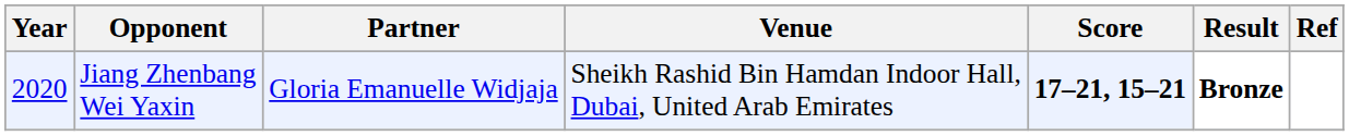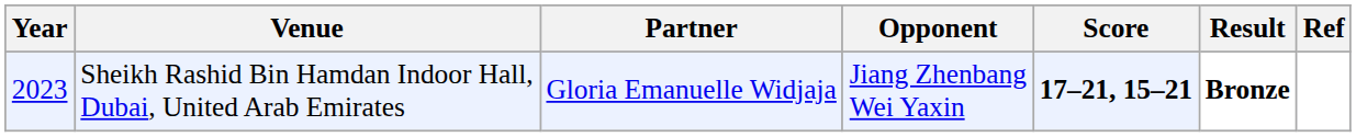 <table class="sortable wikitable" style="font-size: 90%">
 <tr>
 <th>Year</th>
+<th>Venue</th>
+<th>Partner</th>
 <th>Opponent</th>
-<th>Partner</th>
-<th>Venue</th>
 <th>Score</th>
 <th>Result</th>
 <th>Ref</th>
 </tr>
 <tr style="background:#ECF2FF">
-<td align="center"><a href='#'>2020</a></td>
+<td align="center"><a href='#'>2023</a></td>
+<td align="left">Sheikh Rashid Bin Hamdan Indoor Hall,<br><a href='#'>Dubai</a>, United Arab Emirates</td>
+<td align="left"> <a href='#'>Gloria Emanuelle Widjaja</a></td>
 <td align="left"> <a href='#'>Jiang Zhenbang</a><br> <a href='#'>Wei Yaxin</a></td>
-<td align="left"> <a href='#'>Gloria Emanuelle Widjaja</a></td>
-<td align="left">Sheikh Rashid Bin Hamdan Indoor Hall,<br><a href='#'>Dubai</a>, United Arab Emirates</td>
 <td align="left"><strong>17–21, 15–21</strong></td>
 <td style="text-align:left; background:white"> <strong>Bronze</strong></td>
 <td style="text-align:center; background:white"></td>
 </tr>
 </table>
